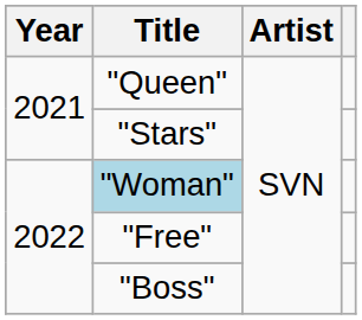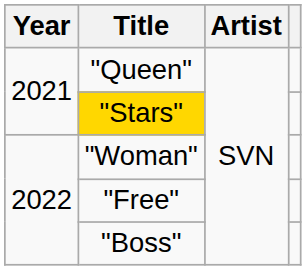 <table class="wikitable plainrowheaders" style="text-align:center;">
 <tr>
 <th>Year</th>
 <th>Title</th>
 <th>Artist</th>
 <th style="text-align: center;" class="unsortable"></th>
 </tr>
 <tr>
 <td rowspan="2">2021</td>
 <td>"Queen"</td>
 <td rowspan="5">SVN</td>
 <td></td>
 </tr>
 <tr>
-<td>"Stars"</td>
+<td style="background: gold;">"Stars"</td>
 <td></td>
 </tr>
 <tr>
 <td rowspan="3">2022</td>
-<td style="background: lightblue;">"Woman"</td>
+<td>"Woman"</td>
 <td></td>
 </tr>
 <tr>
 <td>"Free"</td>
 <td></td>
 </tr>
 <tr>
 <td>"Boss"</td>
 <td></td>
 </tr>
 </table>
